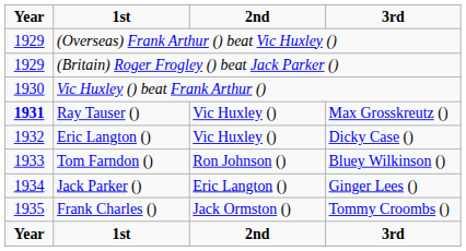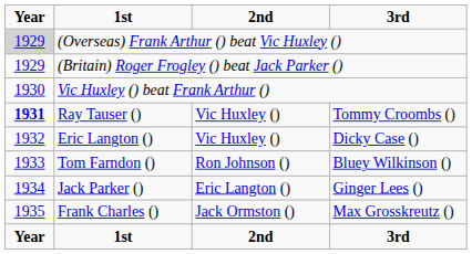 <table class=wikitable>
 <tr align=center>
 <td width=10%><strong>Year</strong></td>
 <td width=28% style="background-color:"><strong>1st</strong></td>
 <td width=28% style="background-color:"><strong>2nd</strong></td>
 <td width=28% style="background-color:"><strong>3rd</strong></td>
 </tr>
 <tr align=left>
-<td align=center><a href='#'>1929</a></td>
+<td align=center style="background: lightgrey;"><a href='#'>1929</a></td>
 <td colspan=3><em>(Overseas) <a href='#'>Frank Arthur</a> () beat <a href='#'>Vic Huxley</a> ()</em></td>
 </tr>
 <tr align=left>
 <td align=center><a href='#'>1929</a></td>
 <td colspan=3><em>(Britain) <a href='#'>Roger Frogley</a> () beat <a href='#'>Jack Parker</a> ()</em></td>
 </tr>
 <tr align=left>
 <td align=center><a href='#'>1930</a></td>
 <td colspan=3><em><a href='#'>Vic Huxley</a> () beat <a href='#'>Frank Arthur</a> ()</em></td>
 </tr>
 <tr align=left>
 <td align=center><strong><a href='#'>1931</a></strong></td>
 <td style="background-color:"><a href='#'>Ray Tauser</a> ()</td>
 <td style="background-color:"><a href='#'>Vic Huxley</a> ()</td>
-<td style="background-color:"><a href='#'>Max Grosskreutz</a> ()</td>
+<td style="background-color:"><a href='#'>Tommy Croombs</a> ()</td>
 </tr>
 <tr align=left>
 <td align=center><a href='#'>1932</a></td>
 <td style="background-color:"><a href='#'>Eric Langton</a> ()</td>
 <td style="background-color:"><a href='#'>Vic Huxley</a> ()</td>
 <td style="background-color:"><a href='#'>Dicky Case</a> ()</td>
 </tr>
 <tr align=left>
 <td align=center><a href='#'>1933</a></td>
 <td style="background-color:"><a href='#'>Tom Farndon</a> ()</td>
 <td style="background-color:"><a href='#'>Ron Johnson</a> ()</td>
 <td style="background-color:"><a href='#'>Bluey Wilkinson</a> ()</td>
 </tr>
 <tr align=left>
 <td align=center><a href='#'>1934</a></td>
 <td style="background-color:"><a href='#'>Jack Parker</a> ()</td>
 <td style="background-color:"><a href='#'>Eric Langton</a> ()</td>
 <td style="background-color:"><a href='#'>Ginger Lees</a> ()</td>
 </tr>
 <tr align=left>
 <td align=center><a href='#'>1935</a></td>
 <td style="background-color:"><a href='#'>Frank Charles</a> ()</td>
 <td style="background-color:"><a href='#'>Jack Ormston</a> ()</td>
-<td style="background-color:"><a href='#'>Tommy Croombs</a> ()</td>
+<td style="background-color:"><a href='#'>Max Grosskreutz</a> ()</td>
 </tr>
 <tr align=center>
 <td width=10%><strong>Year</strong></td>
 <td width=28% style="background-color:"><strong>1st</strong></td>
 <td width=28% style="background-color:"><strong>2nd</strong></td>
 <td width=28% style="background-color:"><strong>3rd</strong></td>
 </tr>
 </table>
